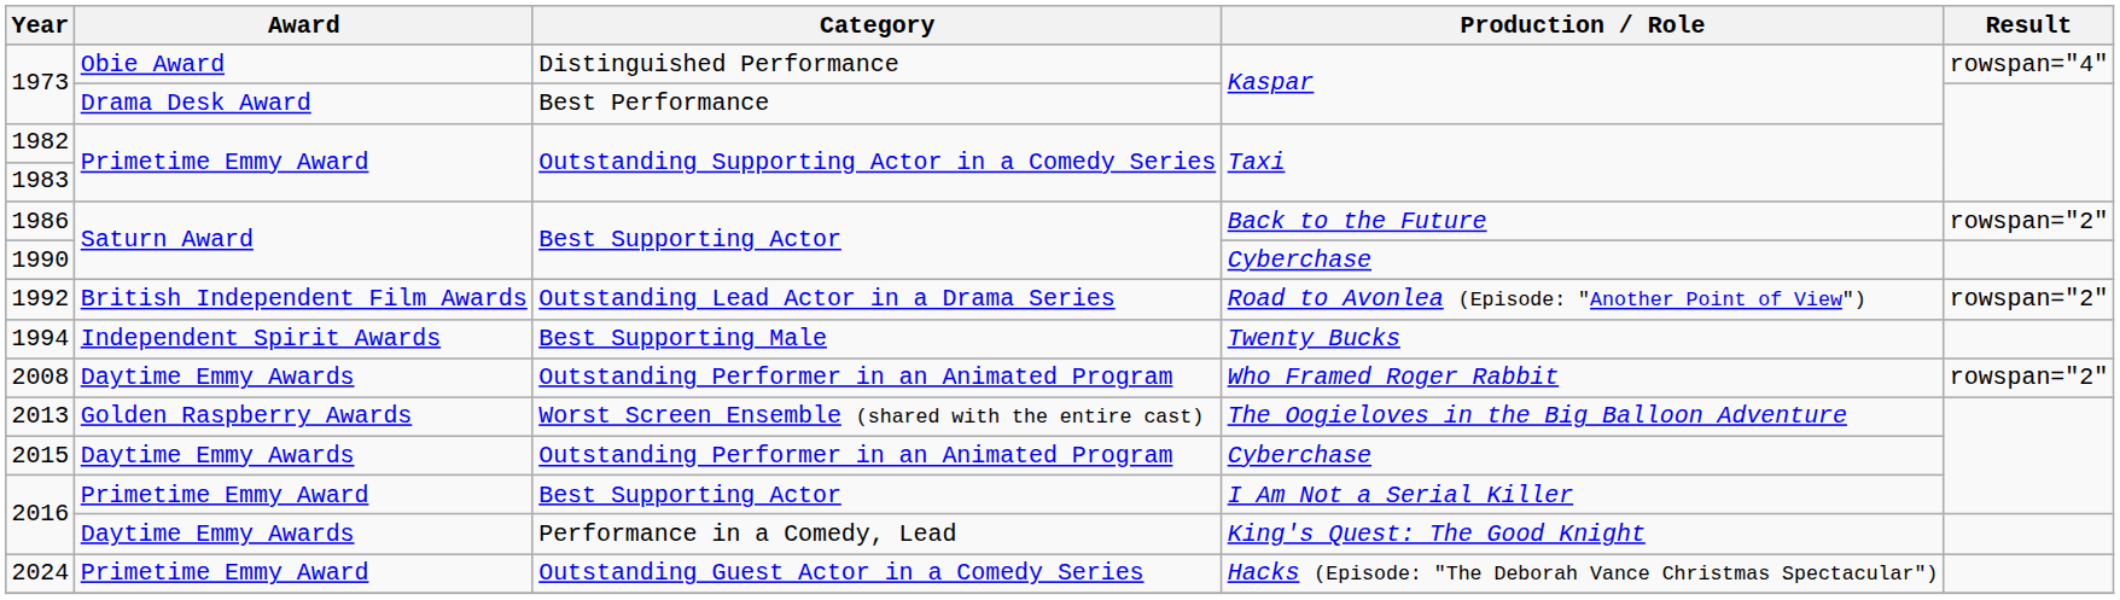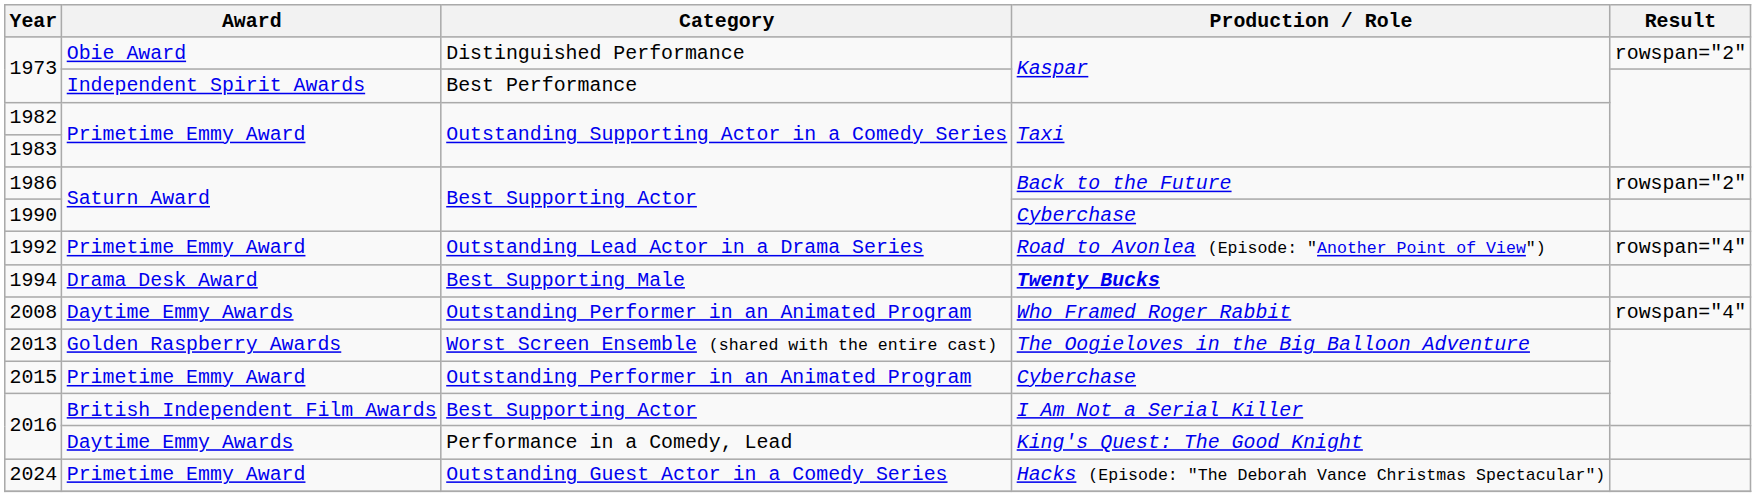 <table class="wikitable">
 <tr>
 <th>Year</th>
 <th>Award</th>
 <th>Category</th>
 <th>Production / Role</th>
 <th>Result</th>
 </tr>
 <tr>
 <td rowspan="2">1973</td>
 <td><a href='#'>Obie Award</a></td>
 <td>Distinguished Performance</td>
 <td rowspan="2"><em><a href='#'>Kaspar</a></em></td>
-<td>rowspan="4" </td>
+<td>rowspan="2" </td>
 </tr>
 <tr>
-<td><a href='#'>Drama Desk Award</a></td>
+<td><a href='#'>Independent Spirit Awards</a></td>
 <td>Best Performance</td>
 </tr>
 <tr>
 <td>1982</td>
 <td rowspan="2"><a href='#'>Primetime Emmy Award</a></td>
 <td rowspan="2"><a href='#'>Outstanding Supporting Actor in a Comedy Series</a></td>
 <td rowspan="2"><em><a href='#'>Taxi</a></em></td>
 </tr>
 <tr>
 <td>1983</td>
 </tr>
 <tr>
 <td>1986</td>
 <td rowspan="2"><a href='#'>Saturn Award</a></td>
 <td rowspan="2"><a href='#'>Best Supporting Actor</a></td>
 <td><em><a href='#'>Back to the Future</a></em></td>
 <td>rowspan="2" </td>
 </tr>
 <tr>
 <td>1990</td>
 <td><em><a href='#'>Cyberchase</a></em></td>
 </tr>
 <tr>
 <td>1992</td>
-<td><a href='#'>British Independent Film Awards</a></td>
+<td><a href='#'>Primetime Emmy Award</a></td>
 <td><a href='#'>Outstanding Lead Actor in a Drama Series</a></td>
 <td><em><a href='#'>Road to Avonlea</a></em> <small>(Episode: "<a href='#'>Another Point of View</a>")</small></td>
-<td>rowspan="2" </td>
+<td>rowspan="4" </td>
 </tr>
 <tr>
 <td>1994</td>
-<td><a href='#'>Independent Spirit Awards</a></td>
+<td><a href='#'>Drama Desk Award</a></td>
 <td><a href='#'>Best Supporting Male</a></td>
-<td><em><a href='#'>Twenty Bucks</a></em></td>
+<td><strong><em><a href='#'>Twenty Bucks</a></em></strong></td>
 </tr>
 <tr>
 <td>2008</td>
 <td><a href='#'>Daytime Emmy Awards</a></td>
 <td><a href='#'>Outstanding Performer in an Animated Program</a></td>
 <td><em><a href='#'>Who Framed Roger Rabbit</a></em></td>
-<td>rowspan="2" </td>
+<td>rowspan="4" </td>
 </tr>
 <tr>
 <td>2013</td>
 <td><a href='#'>Golden Raspberry Awards</a></td>
 <td><a href='#'>Worst Screen Ensemble</a> <small>(shared with the entire cast)</small></td>
 <td><em><a href='#'>The Oogieloves in the Big Balloon Adventure</a></em></td>
 </tr>
 <tr>
 <td>2015</td>
-<td><a href='#'>Daytime Emmy Awards</a></td>
+<td><a href='#'>Primetime Emmy Award</a></td>
 <td><a href='#'>Outstanding Performer in an Animated Program</a></td>
 <td><em><a href='#'>Cyberchase</a></em></td>
 </tr>
 <tr>
 <td rowspan="2">2016</td>
-<td><a href='#'>Primetime Emmy Award</a></td>
+<td><a href='#'>British Independent Film Awards</a></td>
 <td><a href='#'>Best Supporting Actor</a></td>
 <td><em><a href='#'>I Am Not a Serial Killer</a></em></td>
 </tr>
 <tr>
 <td><a href='#'>Daytime Emmy Awards</a></td>
 <td>Performance in a Comedy, Lead</td>
 <td><em><a href='#'>King's Quest: The Good Knight</a></em></td>
 <td></td>
 </tr>
 <tr>
 <td>2024</td>
 <td><a href='#'>Primetime Emmy Award</a></td>
 <td><a href='#'>Outstanding Guest Actor in a Comedy Series</a></td>
 <td><em><a href='#'>Hacks</a></em> <small>(Episode: "The Deborah Vance Christmas Spectacular")</small></td>
 <td></td>
 </tr>
 <tr>
 </tr>
 </table>
